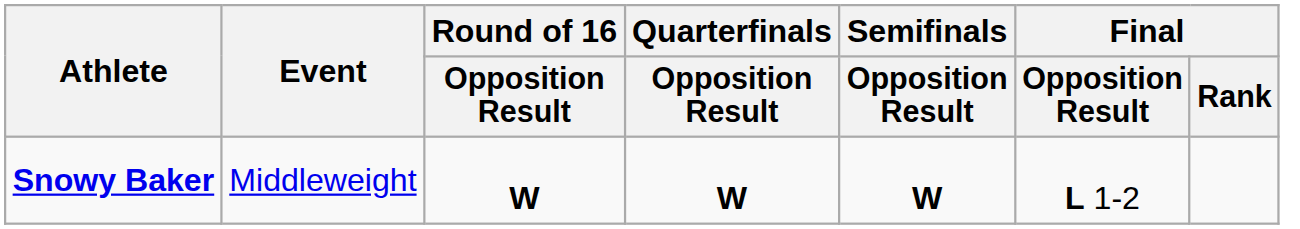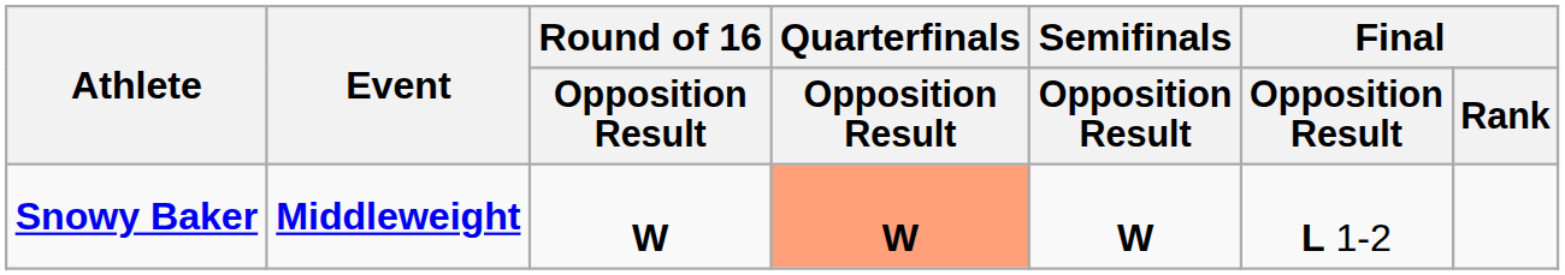 <table class="wikitable" style="font-size:90%">
 <tr>
 <th rowspan="2">Athlete</th>
 <th rowspan="2">Event</th>
 <th>Round of 16</th>
 <th>Quarterfinals</th>
 <th>Semifinals</th>
 <th colspan=2>Final</th>
 </tr>
 <tr style="font-size:95%">
 <th>Opposition<br>Result</th>
 <th>Opposition<br>Result</th>
 <th>Opposition<br>Result</th>
 <th>Opposition<br>Result</th>
 <th>Rank</th>
 </tr>
 <tr align=center>
 <td align=left><strong><a href='#'>Snowy Baker</a></strong></td>
-<td align=left><a href='#'>Middleweight</a></td>
+<td align=left><strong><a href='#'>Middleweight</a></strong></td>
 <td><br><strong>W</strong> </td>
-<td><br><strong>W</strong></td>
+<td style="background: lightsalmon;"><br><strong>W</strong></td>
 <td><br><strong>W</strong></td>
 <td><br><strong>L</strong> 1-2</td>
 <td></td>
 </tr>
 </table>
